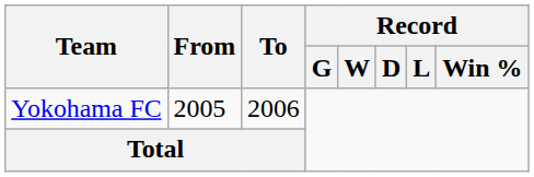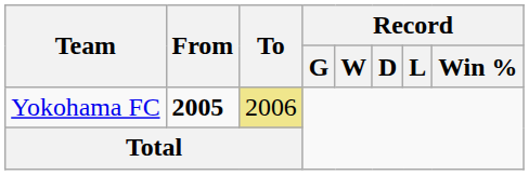 <table class="wikitable" style="text-align: center">
 <tr>
 <th rowspan="2">Team</th>
 <th rowspan="2">From</th>
 <th rowspan="2">To</th>
 <th colspan="5">Record</th>
 </tr>
 <tr>
 <th>G</th>
 <th>W</th>
 <th>D</th>
 <th>L</th>
 <th>Win %</th>
 </tr>
 <tr>
 <td align="left"><a href='#'>Yokohama FC</a></td>
-<td align="left">2005</td>
-<td align="left">2006<br></td>
+<td align="left"><strong>2005</strong></td>
+<td align="left" style="background: khaki;">2006<br></td>
 </tr>
 <tr>
 <th colspan="3">Total<br></th>
 </tr>
 </table>
